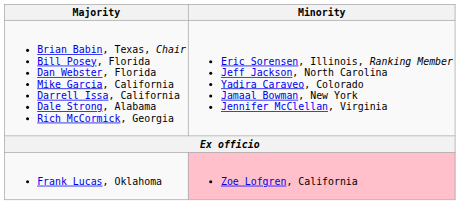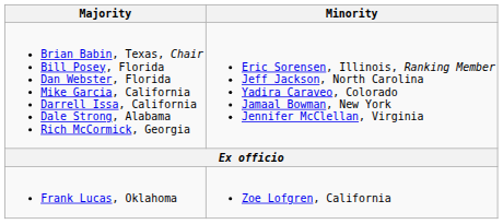 <table class=wikitable>
 <tr>
 <th>Majority</th>
 <th>Minority</th>
 </tr>
 <tr>
 <td><br><ul><li><a href='#'>Brian Babin</a>, Texas, <em>Chair</em></li><li><a href='#'>Bill Posey</a>, Florida</li><li><a href='#'>Dan Webster</a>, Florida</li><li><a href='#'>Mike Garcia</a>, California</li><li><a href='#'>Darrell Issa</a>, California</li><li><a href='#'>Dale Strong</a>, Alabama</li><li><a href='#'>Rich McCormick</a>, Georgia</li></ul></td>
 <td><br><ul><li><a href='#'>Eric Sorensen</a>, Illinois, <em>Ranking Member</em></li><li><a href='#'>Jeff Jackson</a>, North Carolina</li><li><a href='#'>Yadira Caraveo</a>, Colorado</li><li><a href='#'>Jamaal Bowman</a>, New York</li><li><a href='#'>Jennifer McClellan</a>, Virginia</li></ul></td>
 </tr>
 <tr>
 <th colspan=2><em>Ex officio</em></th>
 </tr>
 <tr>
 <td><br><ul><li><a href='#'>Frank Lucas</a>, Oklahoma</li></ul></td>
-<td style="background: pink;"><br><ul><li><a href='#'>Zoe Lofgren</a>, California</li></ul></td>
+<td><br><ul><li><a href='#'>Zoe Lofgren</a>, California</li></ul></td>
 </tr>
 </table>
